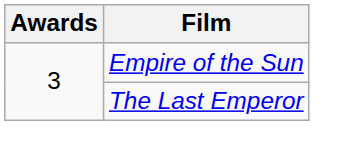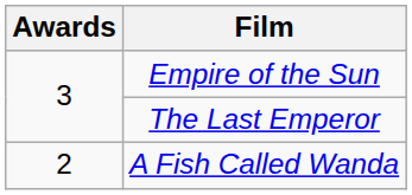 <table class="wikitable" style="text-align:center;">
 <tr>
 <th style="background:">Awards</th>
 <th style="background:">Film</th>
 </tr>
 <tr>
 <td rowspan="2">3</td>
 <td><em><a href='#'>Empire of the Sun</a></em></td>
 </tr>
 <tr>
 <td><em><a href='#'>The Last Emperor</a></em></td>
 </tr>
+<tr>
+<td>2</td>
+<td><em><a href='#'>A Fish Called Wanda</a></em></td>
+</tr>
 </table>
